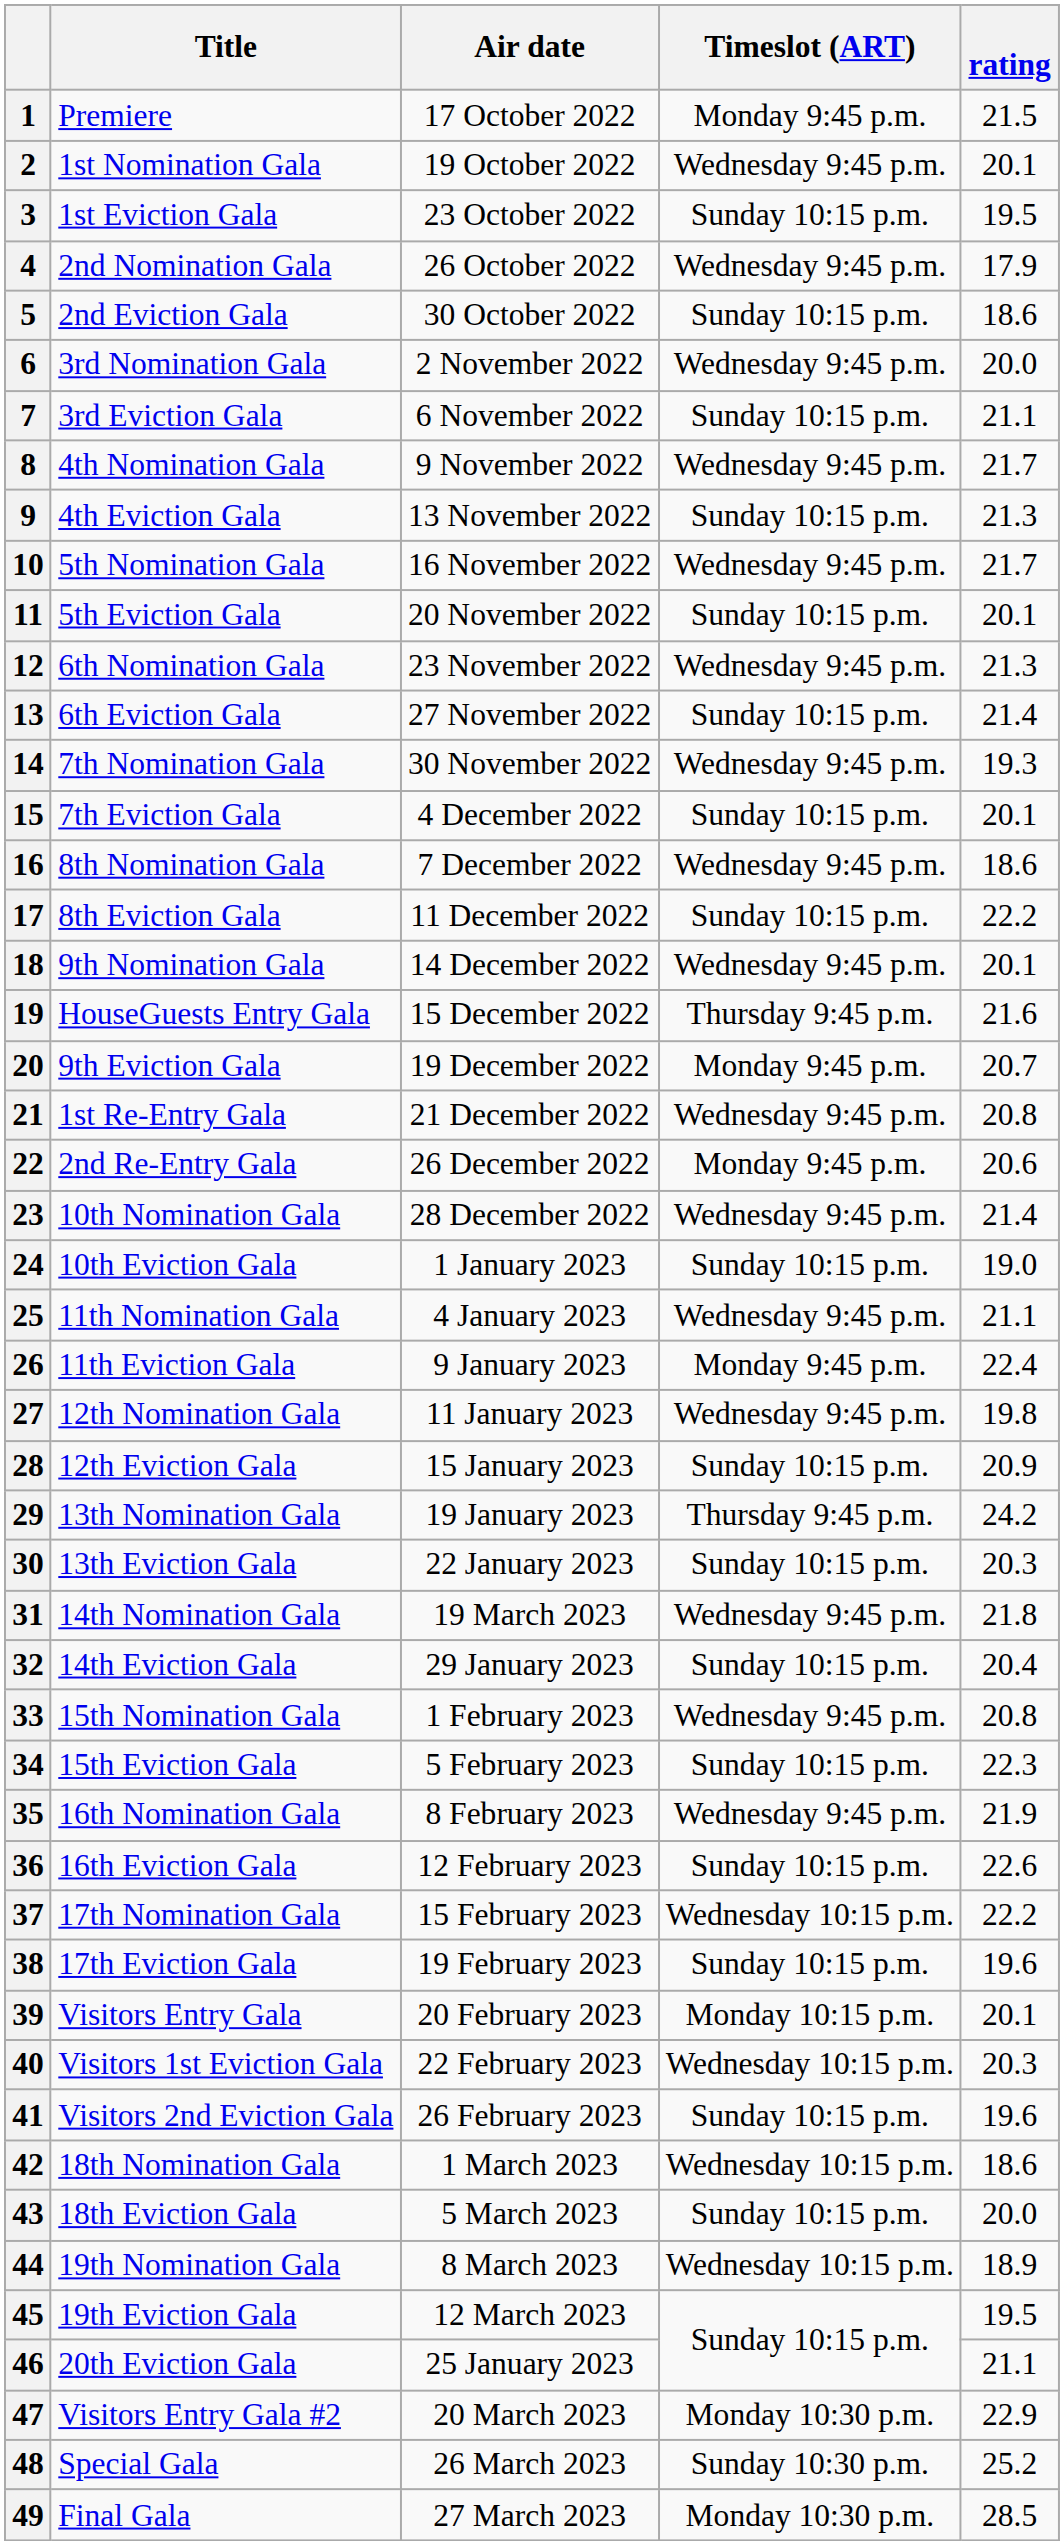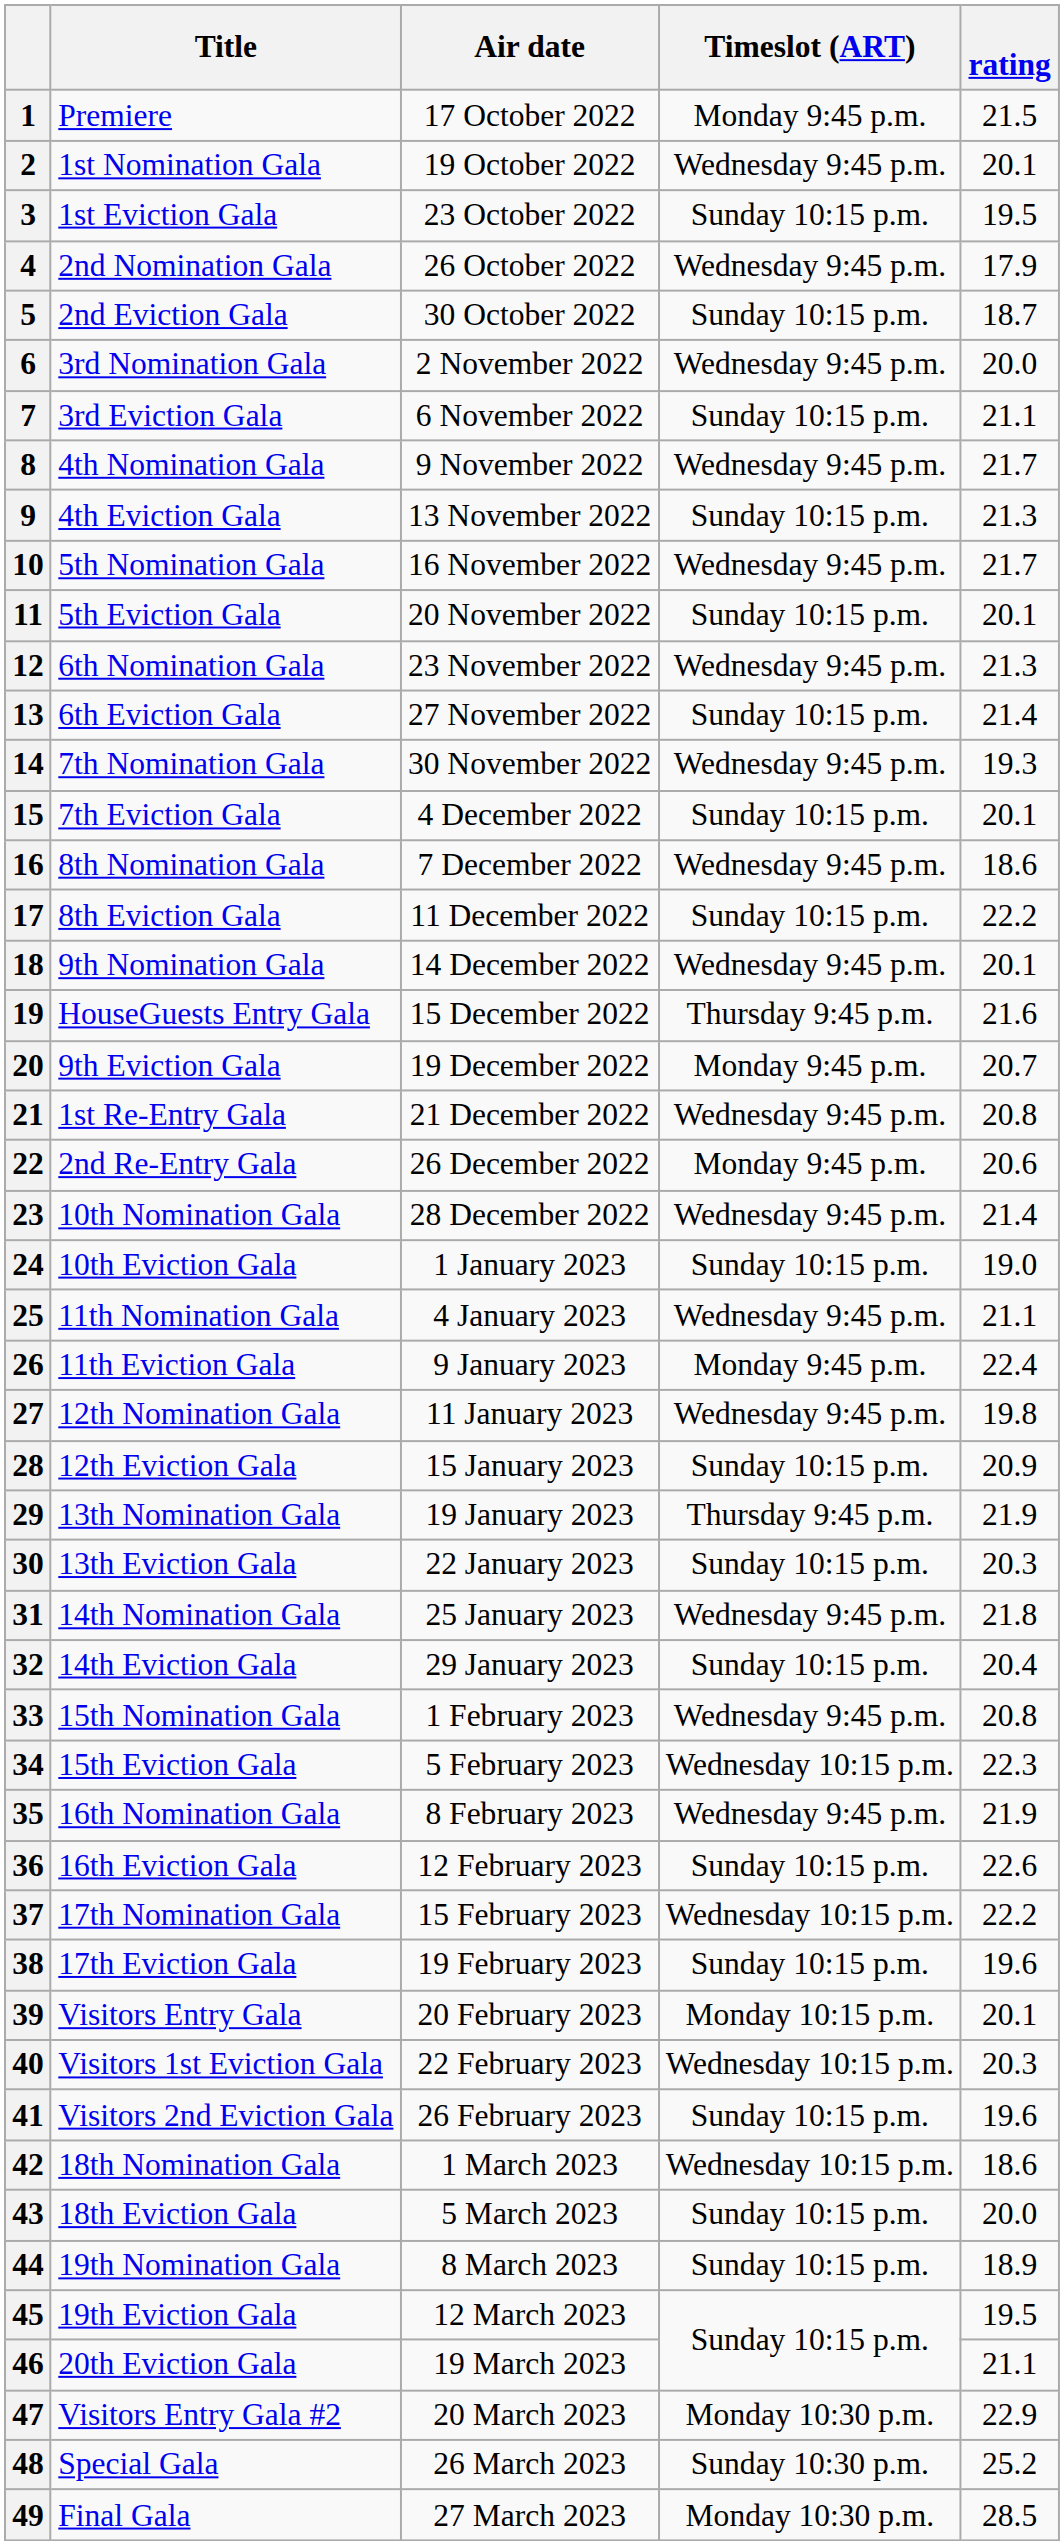 <table class="wikitable sortable plainrowheaders" style="text-align:center">
 <tr>
 <th></th>
 <th>Title</th>
 <th>Air date</th>
 <th>Timeslot (<a href='#'>ART</a>)</th>
 <th><br><a href='#'>rating</a></th>
 </tr>
 <tr>
 <th scope="row" style="text-align:center">1</th>
 <td style="text-align: left;"><a href='#'>Premiere</a></td>
 <td>17 October 2022</td>
 <td>Monday 9:45 p.m.</td>
 <td>21.5</td>
 </tr>
 <tr>
 <th scope="row" style="text-align:center">2</th>
 <td style="text-align: left;"><a href='#'>1st Nomination Gala</a></td>
 <td>19 October 2022</td>
 <td>Wednesday 9:45 p.m.</td>
 <td>20.1</td>
 </tr>
 <tr>
 <th scope="row" style="text-align:center">3</th>
 <td style="text-align: left;"><a href='#'>1st Eviction Gala</a></td>
 <td>23 October 2022</td>
 <td>Sunday 10:15 p.m.</td>
 <td>19.5</td>
 </tr>
 <tr>
 <th scope="row" style="text-align:center">4</th>
 <td style="text-align: left;"><a href='#'>2nd Nomination Gala</a></td>
 <td>26 October 2022</td>
 <td>Wednesday 9:45 p.m.</td>
 <td>17.9</td>
 </tr>
 <tr>
 <th scope="row" style="text-align:center">5</th>
 <td style="text-align: left;"><a href='#'>2nd Eviction Gala</a></td>
 <td>30 October 2022</td>
 <td>Sunday 10:15 p.m.</td>
-<td>18.6</td>
+<td>18.7</td>
 </tr>
 <tr>
 <th scope="row" style="text-align:center">6</th>
 <td style="text-align: left;"><a href='#'>3rd Nomination Gala</a></td>
 <td>2 November 2022</td>
 <td>Wednesday 9:45 p.m.</td>
 <td>20.0</td>
 </tr>
 <tr>
 <th scope="row" style="text-align:center">7</th>
 <td style="text-align: left;"><a href='#'>3rd Eviction Gala</a></td>
 <td>6 November 2022</td>
 <td>Sunday 10:15 p.m.</td>
 <td>21.1</td>
 </tr>
 <tr>
 <th scope="row" style="text-align:center">8</th>
 <td style="text-align: left;"><a href='#'>4th Nomination Gala</a></td>
 <td>9 November 2022</td>
 <td>Wednesday 9:45 p.m.</td>
 <td>21.7</td>
 </tr>
 <tr>
 <th scope="row" style="text-align:center">9</th>
 <td style="text-align: left;"><a href='#'>4th Eviction Gala</a></td>
 <td>13 November 2022</td>
 <td>Sunday 10:15 p.m.</td>
 <td>21.3</td>
 </tr>
 <tr>
 <th scope="row" style="text-align:center">10</th>
 <td style="text-align: left;"><a href='#'>5th Nomination Gala</a></td>
 <td>16 November 2022</td>
 <td>Wednesday 9:45 p.m.</td>
 <td>21.7</td>
 </tr>
 <tr>
 <th scope="row" style="text-align:center">11</th>
 <td style="text-align: left;"><a href='#'>5th Eviction Gala</a></td>
 <td>20 November 2022</td>
 <td>Sunday 10:15 p.m.</td>
 <td>20.1</td>
 </tr>
 <tr>
 <th scope="row" style="text-align:center">12</th>
 <td style="text-align: left;"><a href='#'>6th Nomination Gala</a></td>
 <td>23 November 2022</td>
 <td>Wednesday 9:45 p.m.</td>
 <td>21.3</td>
 </tr>
 <tr>
 <th scope="row" style="text-align:center">13</th>
 <td style="text-align: left;"><a href='#'>6th Eviction Gala</a></td>
 <td>27 November 2022</td>
 <td>Sunday 10:15 p.m.</td>
 <td>21.4</td>
 </tr>
 <tr>
 <th scope="row" style="text-align:center">14</th>
 <td style="text-align: left;"><a href='#'>7th Nomination Gala</a></td>
 <td>30 November 2022</td>
 <td>Wednesday 9:45 p.m.</td>
 <td>19.3</td>
 </tr>
 <tr>
 <th scope="row" style="text-align:center">15</th>
 <td style="text-align: left;"><a href='#'>7th Eviction Gala</a></td>
 <td>4 December 2022</td>
 <td>Sunday 10:15 p.m.</td>
 <td>20.1</td>
 </tr>
 <tr>
 <th scope="row" style="text-align:center">16</th>
 <td style="text-align: left;"><a href='#'>8th Nomination Gala</a></td>
 <td>7 December 2022</td>
 <td>Wednesday 9:45 p.m.</td>
 <td>18.6</td>
 </tr>
 <tr>
 <th scope="row" style="text-align:center">17</th>
 <td style="text-align: left;"><a href='#'>8th Eviction Gala</a></td>
 <td>11 December 2022</td>
 <td>Sunday 10:15 p.m.</td>
 <td>22.2</td>
 </tr>
 <tr>
 <th scope="row" style="text-align:center">18</th>
 <td style="text-align: left;"><a href='#'>9th Nomination Gala</a></td>
 <td>14 December 2022</td>
 <td>Wednesday 9:45 p.m.</td>
 <td>20.1</td>
 </tr>
 <tr>
 <th scope="row" style="text-align:center">19</th>
 <td style="text-align: left;"><a href='#'>HouseGuests Entry Gala</a></td>
 <td>15 December 2022</td>
 <td>Thursday 9:45 p.m.</td>
 <td>21.6</td>
 </tr>
 <tr>
 <th scope="row" style="text-align:center">20</th>
 <td style="text-align: left;"><a href='#'>9th Eviction Gala</a></td>
 <td>19 December 2022</td>
 <td>Monday 9:45 p.m.</td>
 <td>20.7</td>
 </tr>
 <tr>
 <th scope="row" style="text-align:center">21</th>
 <td style="text-align: left;"><a href='#'>1st Re-Entry Gala</a></td>
 <td>21 December 2022</td>
 <td>Wednesday 9:45 p.m.</td>
 <td>20.8</td>
 </tr>
 <tr>
 <th scope="row" style="text-align:center">22</th>
 <td style="text-align: left;"><a href='#'>2nd Re-Entry Gala</a></td>
 <td>26 December 2022</td>
 <td>Monday 9:45 p.m.</td>
 <td>20.6</td>
 </tr>
 <tr>
 <th scope="row" style="text-align:center">23</th>
 <td style="text-align: left;"><a href='#'>10th Nomination Gala</a></td>
 <td>28 December 2022</td>
 <td>Wednesday 9:45 p.m.</td>
 <td>21.4</td>
 </tr>
 <tr>
 <th scope="row" style="text-align:center">24</th>
 <td style="text-align: left;"><a href='#'>10th Eviction Gala</a></td>
 <td>1 January 2023</td>
 <td>Sunday 10:15 p.m.</td>
 <td>19.0</td>
 </tr>
 <tr>
 <th scope="row" style="text-align:center">25</th>
 <td style="text-align: left;"><a href='#'>11th Nomination Gala</a></td>
 <td>4 January 2023</td>
 <td>Wednesday 9:45 p.m.</td>
 <td>21.1</td>
 </tr>
 <tr>
 <th scope="row" style="text-align:center">26</th>
 <td style="text-align: left;"><a href='#'>11th Eviction Gala</a></td>
 <td>9 January 2023</td>
 <td>Monday 9:45 p.m.</td>
 <td>22.4</td>
 </tr>
 <tr>
 <th scope="row" style="text-align:center">27</th>
 <td style="text-align: left;"><a href='#'>12th Nomination Gala</a></td>
 <td>11 January 2023</td>
 <td>Wednesday 9:45 p.m.</td>
 <td>19.8</td>
 </tr>
 <tr>
 <th scope="row" style="text-align:center">28</th>
 <td style="text-align: left;"><a href='#'>12th Eviction Gala</a></td>
 <td>15 January 2023</td>
 <td>Sunday 10:15 p.m.</td>
 <td>20.9</td>
 </tr>
 <tr>
 <th scope="row" style="text-align:center">29</th>
 <td style="text-align: left;"><a href='#'>13th Nomination Gala</a></td>
 <td>19 January 2023</td>
 <td>Thursday 9:45 p.m.</td>
-<td>24.2</td>
+<td>21.9</td>
 </tr>
 <tr>
 <th scope="row" style="text-align:center">30</th>
 <td style="text-align: left;"><a href='#'>13th Eviction Gala</a></td>
 <td>22 January 2023</td>
 <td>Sunday 10:15 p.m.</td>
 <td>20.3</td>
 </tr>
 <tr>
 <th scope="row" style="text-align:center">31</th>
 <td style="text-align: left;"><a href='#'>14th Nomination Gala</a></td>
-<td>19 March 2023</td>
+<td>25 January 2023</td>
 <td>Wednesday 9:45 p.m.</td>
 <td>21.8</td>
 </tr>
 <tr>
 <th scope="row" style="text-align:center">32</th>
 <td style="text-align: left;"><a href='#'>14th Eviction Gala</a></td>
 <td>29 January 2023</td>
 <td>Sunday 10:15 p.m.</td>
 <td>20.4</td>
 </tr>
 <tr>
 <th scope="row" style="text-align:center">33</th>
 <td style="text-align: left;"><a href='#'>15th Nomination Gala</a></td>
 <td>1 February 2023</td>
 <td>Wednesday 9:45 p.m.</td>
 <td>20.8</td>
 </tr>
 <tr>
 <th scope="row" style="text-align:center">34</th>
 <td style="text-align: left;"><a href='#'>15th Eviction Gala</a></td>
 <td>5 February 2023</td>
-<td>Sunday 10:15 p.m.</td>
+<td>Wednesday 10:15 p.m.</td>
 <td>22.3</td>
 </tr>
 <tr>
 <th scope="row" style="text-align:center">35</th>
 <td style="text-align: left;"><a href='#'>16th Nomination Gala</a></td>
 <td>8 February 2023</td>
 <td>Wednesday 9:45 p.m.</td>
 <td>21.9</td>
 </tr>
 <tr>
 <th scope="row" style="text-align:center">36</th>
 <td style="text-align: left;"><a href='#'>16th Eviction Gala</a></td>
 <td>12 February 2023</td>
 <td>Sunday 10:15 p.m.</td>
 <td>22.6</td>
 </tr>
 <tr>
 <th scope="row" style="text-align:center">37</th>
 <td style="text-align: left;"><a href='#'>17th Nomination Gala</a></td>
 <td>15 February 2023</td>
 <td>Wednesday 10:15 p.m.</td>
 <td>22.2</td>
 </tr>
 <tr>
 <th scope="row" style="text-align:center">38</th>
 <td style="text-align: left;"><a href='#'>17th Eviction Gala</a></td>
 <td>19 February 2023</td>
 <td>Sunday 10:15 p.m.</td>
 <td>19.6</td>
 </tr>
 <tr>
 <th scope="row" style="text-align:center">39</th>
 <td style="text-align: left;"><a href='#'>Visitors Entry Gala</a></td>
 <td>20 February 2023</td>
 <td>Monday 10:15 p.m.</td>
 <td>20.1</td>
 </tr>
 <tr>
 <th scope="row" style="text-align:center">40</th>
 <td style="text-align: left;"><a href='#'>Visitors 1st Eviction Gala</a></td>
 <td>22 February 2023</td>
 <td>Wednesday 10:15 p.m.</td>
 <td>20.3</td>
 </tr>
 <tr>
 <th scope="row" style="text-align:center">41</th>
 <td style="text-align: left;"><a href='#'>Visitors 2nd Eviction Gala</a></td>
 <td>26 February 2023</td>
 <td>Sunday 10:15 p.m.</td>
 <td>19.6</td>
 </tr>
 <tr>
 <th scope="row" style="text-align:center">42</th>
 <td style="text-align: left;"><a href='#'>18th Nomination Gala</a></td>
 <td>1 March 2023</td>
 <td>Wednesday 10:15 p.m.</td>
 <td>18.6</td>
 </tr>
 <tr>
 <th scope="row" style="text-align:center">43</th>
 <td style="text-align: left;"><a href='#'>18th Eviction Gala</a></td>
 <td>5 March 2023</td>
 <td>Sunday 10:15 p.m.</td>
 <td>20.0</td>
 </tr>
 <tr>
 <th scope="row" style="text-align:center">44</th>
 <td style="text-align: left;"><a href='#'>19th Nomination Gala</a></td>
 <td>8 March 2023</td>
-<td>Wednesday 10:15 p.m.</td>
+<td>Sunday 10:15 p.m.</td>
 <td>18.9</td>
 </tr>
 <tr>
 <th scope="row" style="text-align:center">45</th>
 <td style="text-align: left;"><a href='#'>19th Eviction Gala</a></td>
 <td>12 March 2023</td>
 <td rowspan="2">Sunday 10:15 p.m.</td>
 <td>19.5</td>
 </tr>
 <tr>
 <th scope="row" style="text-align:center">46</th>
 <td style="text-align: left;"><a href='#'>20th Eviction Gala</a></td>
-<td>25 January 2023</td>
+<td>19 March 2023</td>
 <td>21.1</td>
 </tr>
 <tr>
 <th scope="row" style="text-align:center">47</th>
 <td style="text-align: left;"><a href='#'>Visitors Entry Gala #2</a></td>
 <td>20 March 2023</td>
 <td>Monday 10:30 p.m.</td>
 <td>22.9</td>
 </tr>
 <tr>
 <th scope="row" style="text-align:center">48</th>
 <td style="text-align: left;"><a href='#'>Special Gala</a></td>
 <td>26 March 2023</td>
 <td>Sunday 10:30 p.m.</td>
 <td>25.2</td>
 </tr>
 <tr>
 <th scope="row" style="text-align:center">49</th>
 <td style="text-align: left;"><a href='#'>Final Gala</a></td>
 <td>27 March 2023</td>
 <td>Monday 10:30 p.m.</td>
 <td>28.5</td>
 </tr>
 </table>
